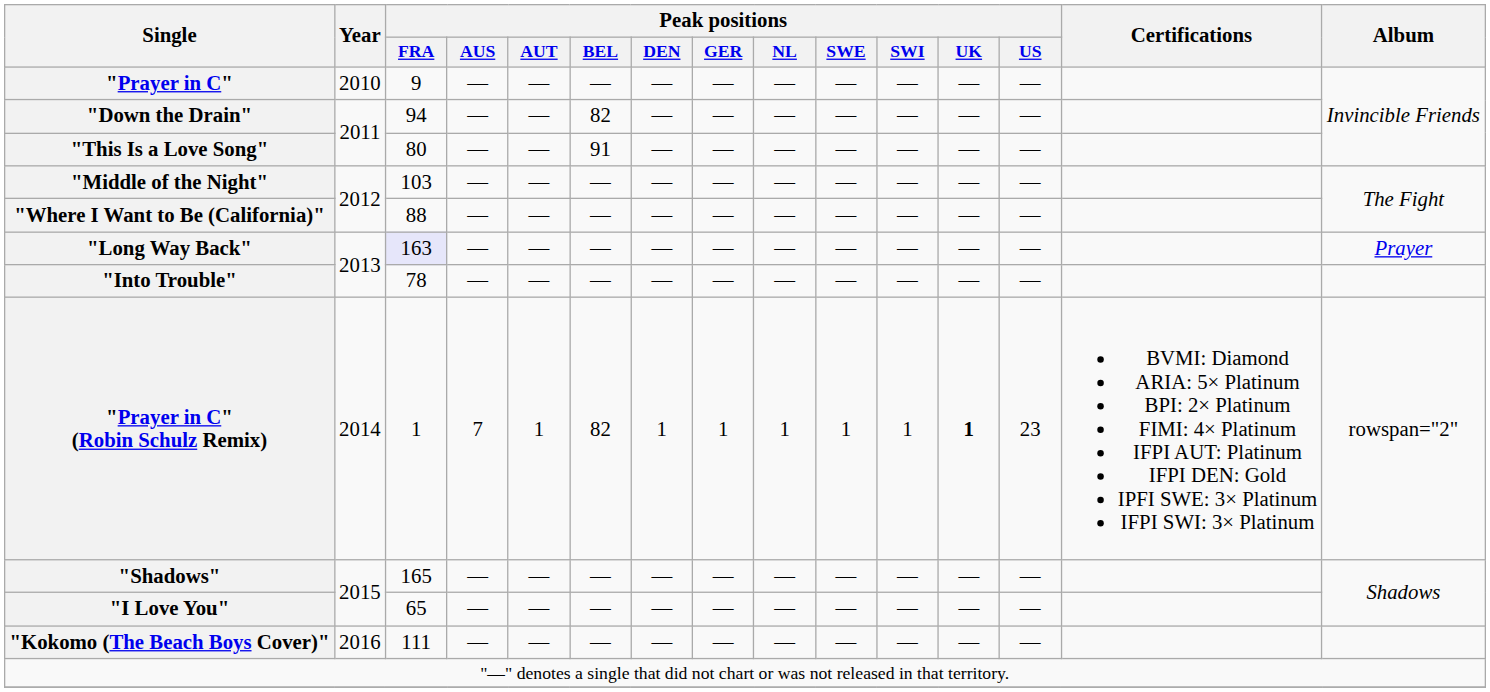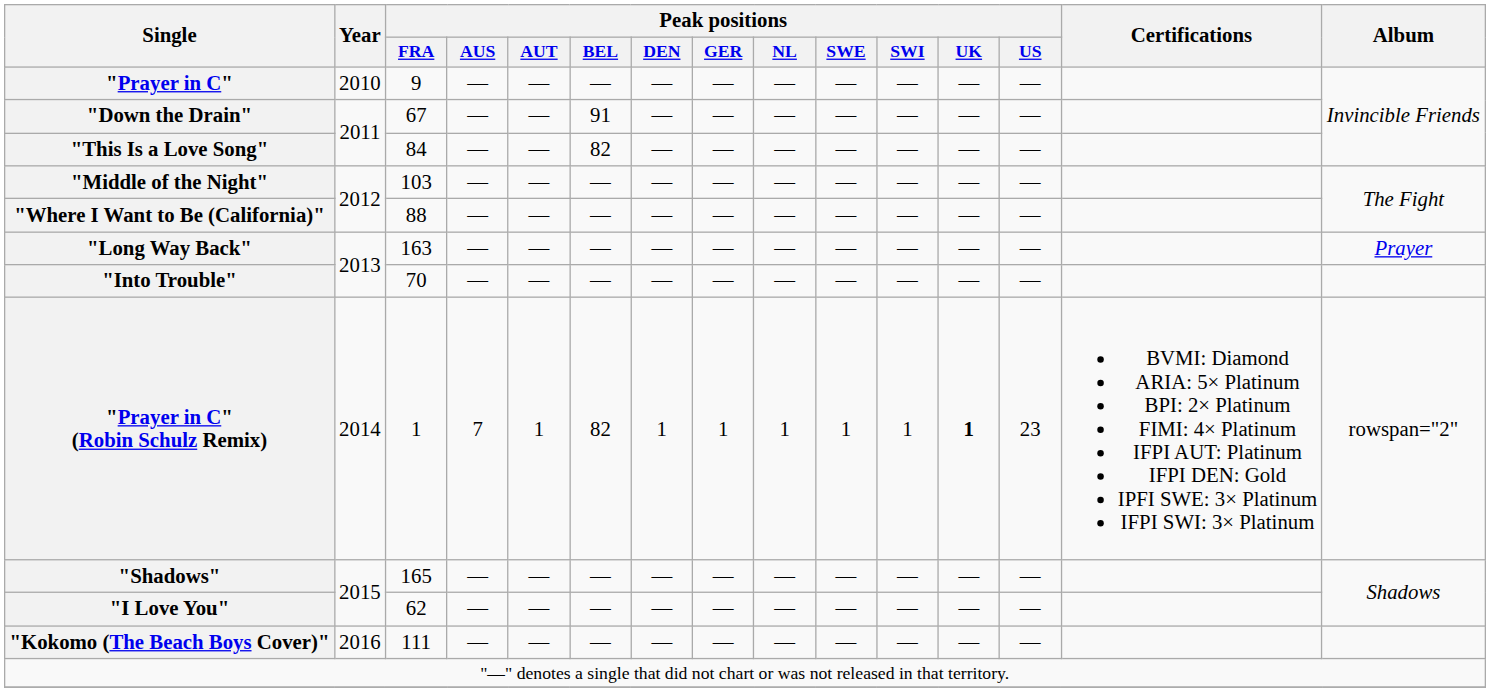 <table class="wikitable plainrowheaders" style="text-align:center;">
 <tr>
 <th scope="col" rowspan="2">Single</th>
 <th scope="col" rowspan="2">Year</th>
 <th scope="col" colspan="11">Peak positions</th>
 <th scope="col" rowspan="2">Certifications</th>
 <th scope="col" rowspan="2">Album</th>
 </tr>
 <tr>
 <th scope="col" style="width:3em;font-size:85%;"><a href='#'>FRA</a><br></th>
 <th scope="col" style="width:3em;font-size:85%;"><a href='#'>AUS</a></th>
 <th scope="col" style="width:3em;font-size:85%;"><a href='#'>AUT</a><br></th>
 <th scope="col" style="width:3em;font-size:85%;"><a href='#'>BEL</a><br></th>
 <th scope="col" style="width:3em;font-size:85%;"><a href='#'>DEN</a><br></th>
 <th scope="col" style="width:3em;font-size:85%;"><a href='#'>GER</a><br></th>
 <th scope="col" style="width:3em;font-size:85%;"><a href='#'>NL</a><br></th>
 <th scope="col" style="width:3em;font-size:85%;"><a href='#'>SWE</a><br></th>
 <th scope="col" style="width:3em;font-size:85%;"><a href='#'>SWI</a><br></th>
 <th scope="col" style="width:3em;font-size:85%;"><a href='#'>UK</a><br></th>
 <th scope="col" style="width:3em;font-size:85%;"><a href='#'>US</a><br></th>
 </tr>
 <tr>
 <th scope="row">"<a href='#'>Prayer in C</a>"</th>
 <td>2010</td>
 <td>9</td>
 <td>—</td>
 <td>—</td>
 <td>—</td>
 <td>—</td>
 <td>—</td>
 <td>—</td>
 <td>—</td>
 <td>—</td>
 <td>—</td>
 <td>—</td>
 <td></td>
 <td rowspan="3"><em>Invincible Friends</em></td>
 </tr>
 <tr>
 <th scope="row">"Down the Drain"</th>
 <td rowspan="2">2011</td>
-<td>94</td>
+<td>67</td>
 <td>—</td>
 <td>—</td>
-<td>82</td>
+<td>91</td>
 <td>—</td>
 <td>—</td>
 <td>—</td>
 <td>—</td>
 <td>—</td>
 <td>—</td>
 <td>—</td>
 <td></td>
 </tr>
 <tr>
 <th scope="row">"This Is a Love Song"</th>
-<td>80</td>
+<td>84</td>
 <td>—</td>
 <td>—</td>
-<td>91</td>
+<td>82</td>
 <td>—</td>
 <td>—</td>
 <td>—</td>
 <td>—</td>
 <td>—</td>
 <td>—</td>
 <td>—</td>
 <td></td>
 </tr>
 <tr>
 <th scope="row">"Middle of the Night"</th>
 <td rowspan="2">2012</td>
 <td>103</td>
 <td>—</td>
 <td>—</td>
 <td>—</td>
 <td>—</td>
 <td>—</td>
 <td>—</td>
 <td>—</td>
 <td>—</td>
 <td>—</td>
 <td>—</td>
 <td></td>
 <td rowspan="2"><em>The Fight</em></td>
 </tr>
 <tr>
 <th scope="row">"Where I Want to Be (California)"</th>
 <td>88</td>
 <td>—</td>
 <td>—</td>
 <td>—</td>
 <td>—</td>
 <td>—</td>
 <td>—</td>
 <td>—</td>
 <td>—</td>
 <td>—</td>
 <td>—</td>
 <td></td>
 </tr>
 <tr>
 <th scope="row">"Long Way Back"</th>
 <td rowspan="2">2013</td>
-<td style="background: lavender;">163</td>
+<td>163</td>
 <td>—</td>
 <td>—</td>
 <td>—</td>
 <td>—</td>
 <td>—</td>
 <td>—</td>
 <td>—</td>
 <td>—</td>
 <td>—</td>
 <td>—</td>
 <td></td>
 <td><em><a href='#'>Prayer</a></em></td>
 </tr>
 <tr>
 <th scope="row">"Into Trouble"</th>
-<td>78</td>
+<td>70</td>
 <td>—</td>
 <td>—</td>
 <td>—</td>
 <td>—</td>
 <td>—</td>
 <td>—</td>
 <td>—</td>
 <td>—</td>
 <td>—</td>
 <td>—</td>
 <td></td>
 </tr>
 <tr>
 <th scope="row">"<a href='#'>Prayer in C</a>"<br><span>(<a href='#'>Robin Schulz</a> Remix)</span></th>
 <td>2014</td>
 <td>1</td>
 <td>7</td>
 <td>1</td>
 <td>82</td>
 <td>1</td>
 <td>1</td>
 <td>1</td>
 <td>1</td>
 <td>1</td>
 <td><strong>1</strong></td>
 <td>23</td>
 <td><br><ul><li>BVMI: Diamond</li><li>ARIA: 5× Platinum</li><li>BPI: 2× Platinum</li><li>FIMI: 4× Platinum</li><li>IFPI AUT: Platinum</li><li>IFPI DEN: Gold</li><li>IPFI SWE: 3× Platinum</li><li>IFPI SWI: 3× Platinum</li></ul></td>
 <td>rowspan="2" </td>
 </tr>
 <tr>
 <th scope="row">"Shadows"</th>
 <td rowspan="2">2015</td>
 <td>165</td>
 <td>—</td>
 <td>—</td>
 <td>—</td>
 <td>—</td>
 <td>—</td>
 <td>—</td>
 <td>—</td>
 <td>—</td>
 <td>—</td>
 <td>—</td>
 <td></td>
 <td rowspan="2"><em>Shadows</em></td>
 </tr>
 <tr>
 <th scope="row">"I Love You"</th>
-<td>65</td>
+<td>62</td>
 <td>—</td>
 <td>—</td>
 <td>—</td>
 <td>—</td>
 <td>—</td>
 <td>—</td>
 <td>—</td>
 <td>—</td>
 <td>—</td>
 <td>—</td>
 <td></td>
 </tr>
 <tr>
 <th scope="row">"Kokomo (<a href='#'>The Beach Boys</a> Cover)"</th>
 <td>2016</td>
 <td>111</td>
 <td>—</td>
 <td>—</td>
 <td>—</td>
 <td>—</td>
 <td>—</td>
 <td>—</td>
 <td>—</td>
 <td>—</td>
 <td>—</td>
 <td>—</td>
 <td></td>
 <td></td>
 </tr>
 <tr>
 <td colspan="19" style="font-size:85%">"—" denotes a single that did not chart or was not released in that territory.</td>
 </tr>
 <tr>
 </tr>
 </table>
